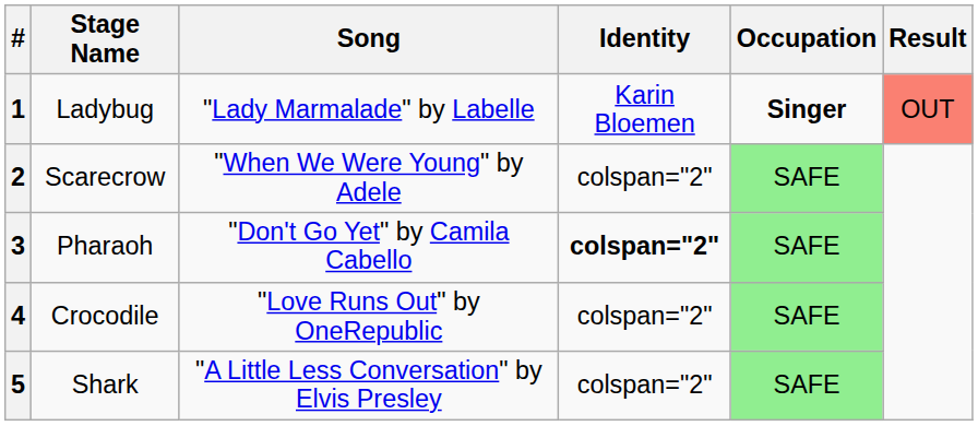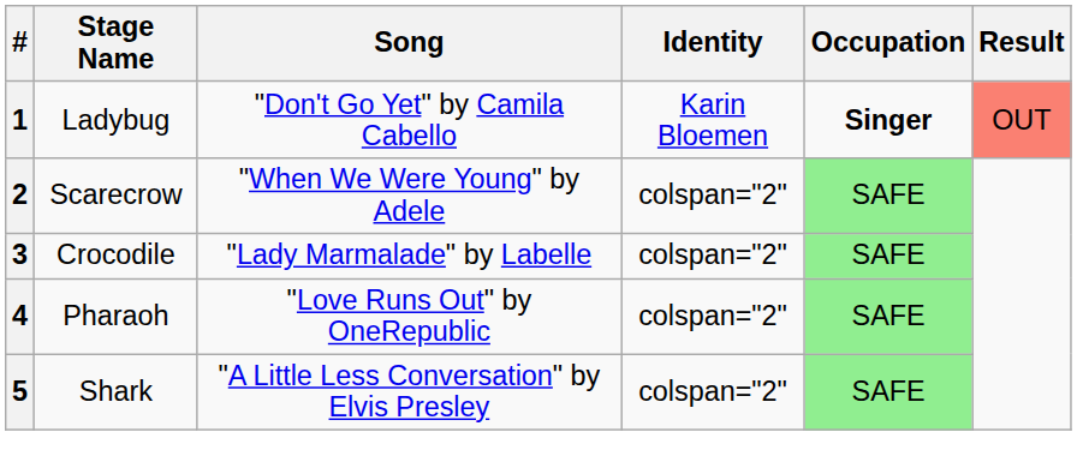 <table class="wikitable plainrowheaders" style="text-align: center;">
 <tr>
 <th><strong>#</strong></th>
 <th><strong>Stage Name</strong></th>
 <th><strong>Song</strong></th>
 <th>Identity</th>
 <th><strong>Occupation</strong></th>
 <th>Result</th>
 </tr>
 <tr>
 <th>1</th>
 <td>Ladybug</td>
-<td>"<a href='#'>Lady Marmalade</a>" by <a href='#'>Labelle</a></td>
+<td>"<a href='#'>Don't Go Yet</a>" by <a href='#'>Camila Cabello</a></td>
 <td><a href='#'>Karin Bloemen</a></td>
 <td><strong>Singer</strong></td>
 <td bgcolor="salmon">OUT</td>
 </tr>
 <tr>
 <th>2</th>
 <td>Scarecrow</td>
 <td>"<a href='#'>When We Were Young</a>" by <a href='#'>Adele</a></td>
 <td>colspan="2" </td>
 <td bgcolor="lightgreen">SAFE</td>
 </tr>
 <tr>
 <th>3</th>
-<td>Pharaoh</td>
-<td>"<a href='#'>Don't Go Yet</a>" by <a href='#'>Camila Cabello</a></td>
-<td><strong>colspan="2" </strong></td>
+<td>Crocodile</td>
+<td>"<a href='#'>Lady Marmalade</a>" by <a href='#'>Labelle</a></td>
+<td>colspan="2" </td>
 <td bgcolor="lightgreen">SAFE</td>
 </tr>
 <tr>
 <th>4</th>
-<td>Crocodile</td>
+<td>Pharaoh</td>
 <td>"<a href='#'>Love Runs Out</a>" by <a href='#'>OneRepublic</a></td>
 <td>colspan="2" </td>
 <td bgcolor="lightgreen">SAFE</td>
 </tr>
 <tr>
 <th>5</th>
 <td>Shark</td>
 <td>"<a href='#'>A Little Less Conversation</a>" by <a href='#'>Elvis Presley</a></td>
 <td>colspan="2" </td>
 <td bgcolor="lightgreen">SAFE</td>
 </tr>
 </table>
